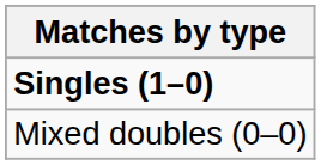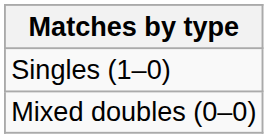 <table class="wikitable" style=font-size:90%>
 <tr>
 <th>Matches by type</th>
 </tr>
 <tr>
-<td><strong>Singles (1–0)</strong></td>
+<td>Singles (1–0)</td>
 </tr>
 <tr>
 <td>Mixed doubles (0–0)</td>
 </tr>
 </table>
